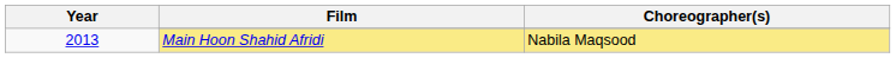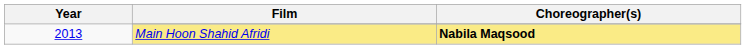 <table class="wikitable">
 <tr>
 <th width="8%">Year</th>
 <th width="19%">Film</th>
 <th width="19%">Choreographer(s)</th>
 </tr>
 <tr>
 <td rowspan=2 style="text-align:center"><a href='#'>2013</a><br></td>
 </tr>
 <tr style="background:#FAEB86">
 <td><em><a href='#'>Main Hoon Shahid Afridi</a></em></td>
-<td>Nabila Maqsood</td>
+<td><strong>Nabila Maqsood</strong></td>
 </tr>
 </table>
